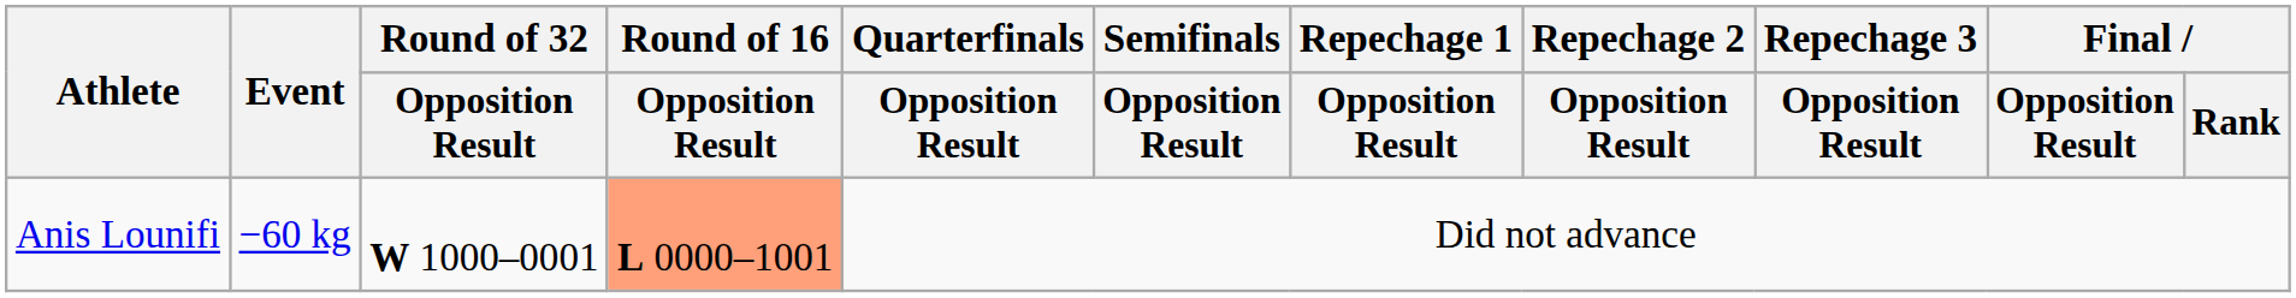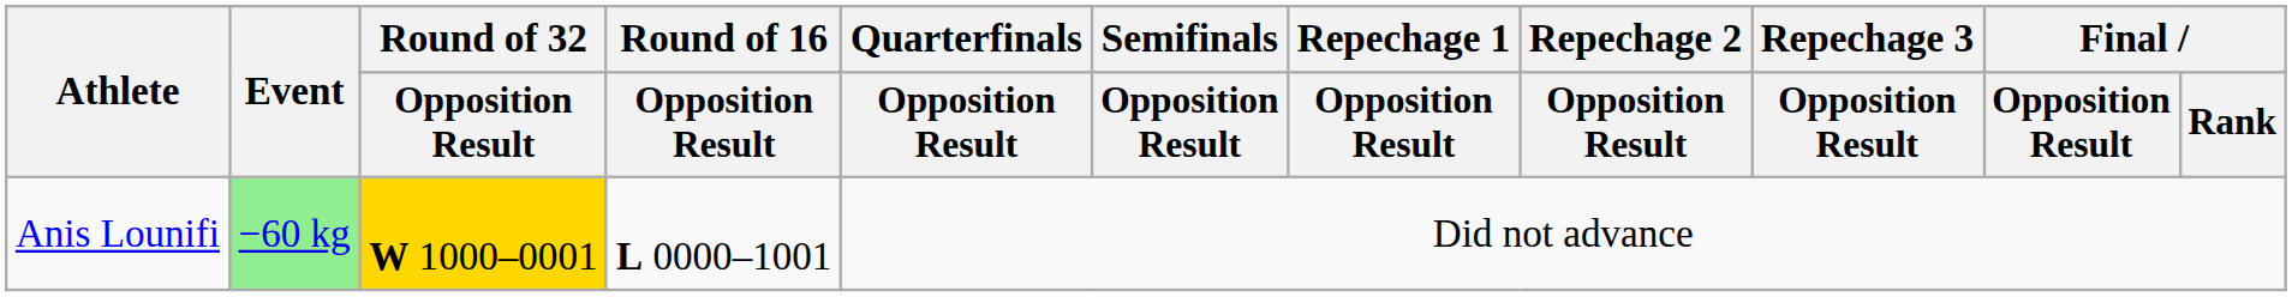 <table class="wikitable" style="font-size:90%">
 <tr>
 <th rowspan="2">Athlete</th>
 <th rowspan="2">Event</th>
 <th>Round of 32</th>
 <th>Round of 16</th>
 <th>Quarterfinals</th>
 <th>Semifinals</th>
 <th>Repechage 1</th>
 <th>Repechage 2</th>
 <th>Repechage 3</th>
 <th colspan=2>Final / </th>
 </tr>
 <tr style="font-size:95%">
 <th>Opposition<br>Result</th>
 <th>Opposition<br>Result</th>
 <th>Opposition<br>Result</th>
 <th>Opposition<br>Result</th>
 <th>Opposition<br>Result</th>
 <th>Opposition<br>Result</th>
 <th>Opposition<br>Result</th>
 <th>Opposition<br>Result</th>
 <th>Rank</th>
 </tr>
 <tr align=center>
 <td align=left><a href='#'>Anis Lounifi</a></td>
-<td align=left><a href='#'>−60 kg</a></td>
-<td><br><strong>W</strong> 1000–0001</td>
-<td style="background: lightsalmon;"><br><strong>L</strong> 0000–1001</td>
+<td align=left style="background: lightgreen;"><a href='#'>−60 kg</a></td>
+<td style="background: gold;"><br><strong>W</strong> 1000–0001</td>
+<td><br><strong>L</strong> 0000–1001</td>
 <td colspan=7>Did not advance</td>
 </tr>
 </table>
